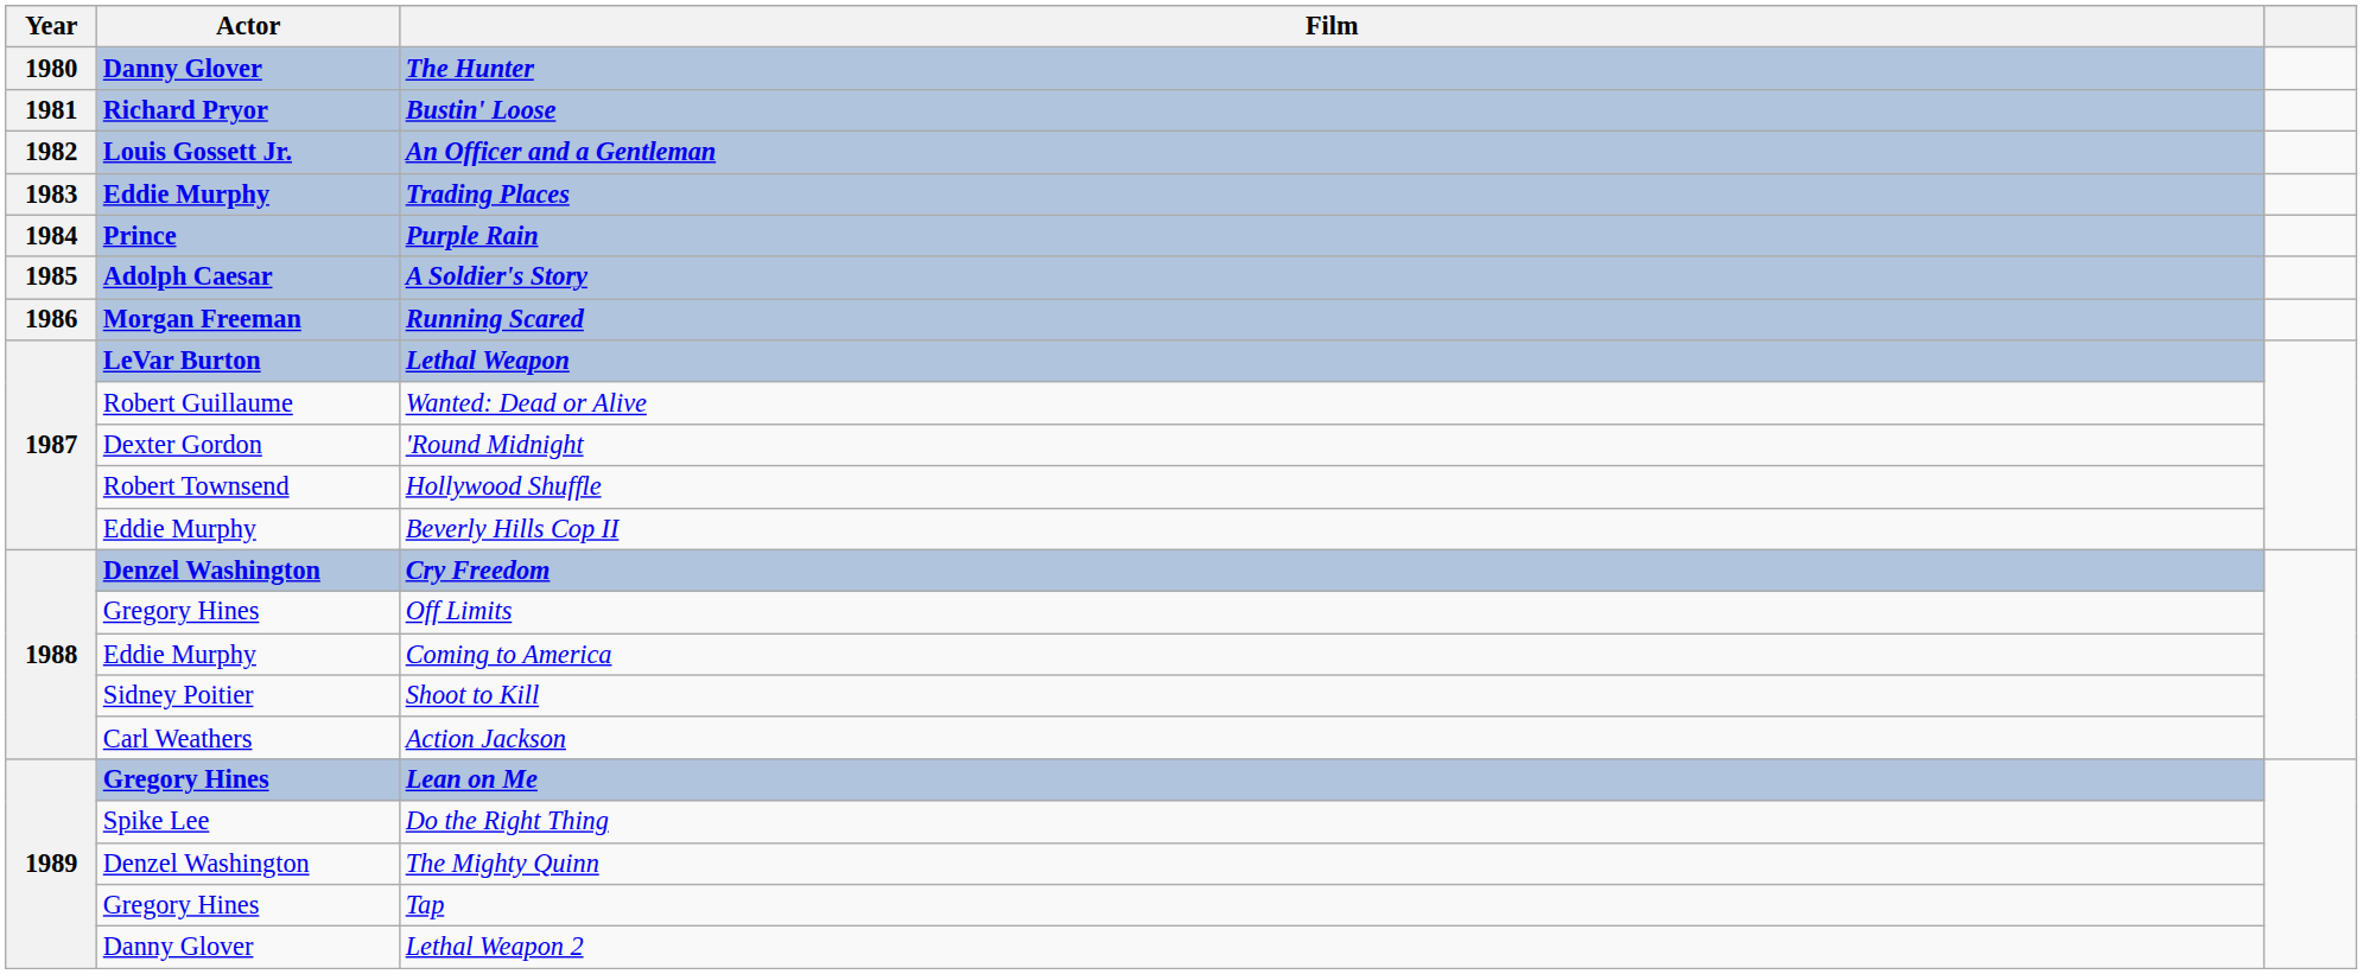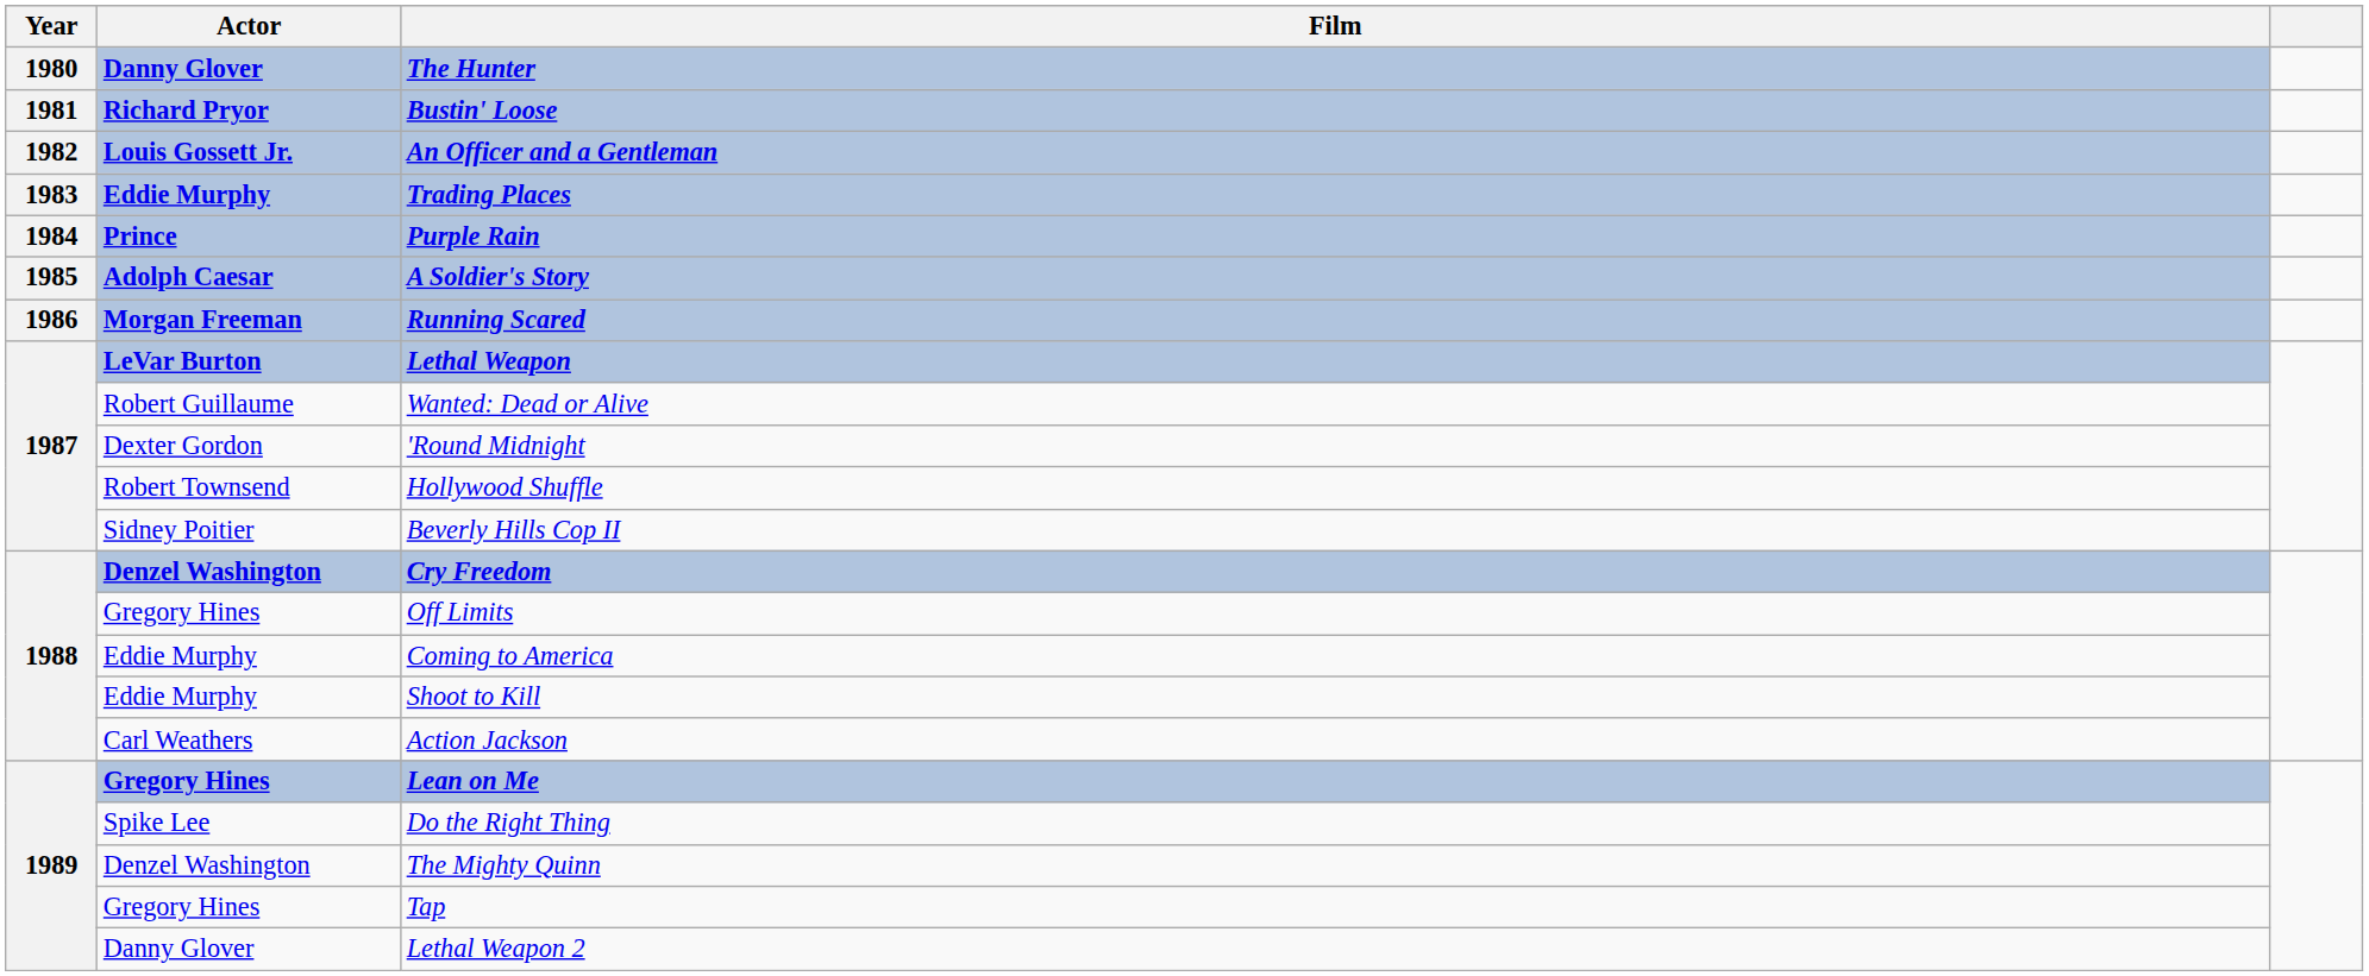 <table class="wikitable" style="width:90%;">
 <tr style="background:#bebebe;">
 <th scope="col" style="width:3em;">Year</th>
 <th scope="col" style="width:11em;">Actor</th>
 <th scope="col">Film</th>
 <th scope="col" style="width:3em;"></th>
 </tr>
 <tr>
 <th scope="row">1980</th>
 <td style="background:#B0C4DE; font-weight:bold;"><a href='#'>Danny Glover</a></td>
 <td style="background:#B0C4DE; font-weight:bold;"><em><a href='#'>The Hunter</a></em></td>
 <td style="text-align:center;"></td>
 </tr>
 <tr>
 <th scope="row">1981</th>
 <td style="background:#B0C4DE; font-weight:bold;"><a href='#'>Richard Pryor</a></td>
 <td style="background:#B0C4DE; font-weight:bold;"><em><a href='#'>Bustin' Loose</a></em></td>
 <td style="text-align:center;"></td>
 </tr>
 <tr>
 <th scope="row">1982</th>
 <td style="background:#B0C4DE; font-weight:bold;"><a href='#'>Louis Gossett Jr.</a></td>
 <td style="background:#B0C4DE; font-weight:bold;"><em><a href='#'>An Officer and a Gentleman</a></em></td>
 <td style="text-align:center;"></td>
 </tr>
 <tr>
 <th scope="row">1983</th>
 <td style="background:#B0C4DE; font-weight:bold;"><a href='#'>Eddie Murphy</a></td>
 <td style="background:#B0C4DE; font-weight:bold;"><em><a href='#'>Trading Places</a></em></td>
 <td style="text-align:center;"></td>
 </tr>
 <tr>
 <th scope="row">1984</th>
 <td style="background:#B0C4DE; font-weight:bold;"><a href='#'>Prince</a></td>
 <td style="background:#B0C4DE; font-weight:bold;"><em><a href='#'>Purple Rain</a></em></td>
 <td style="text-align:center;"></td>
 </tr>
 <tr>
 <th scope="row">1985</th>
 <td style="background:#B0C4DE; font-weight:bold;"><a href='#'>Adolph Caesar</a></td>
 <td style="background:#B0C4DE; font-weight:bold;"><em><a href='#'>A Soldier's Story</a></em></td>
 <td style="text-align:center;"></td>
 </tr>
 <tr>
 <th scope="row">1986</th>
 <td style="background:#B0C4DE; font-weight:bold;"><a href='#'>Morgan Freeman</a></td>
 <td style="background:#B0C4DE; font-weight:bold;"><em><a href='#'>Running Scared</a></em></td>
 <td style="text-align:center;"></td>
 </tr>
 <tr>
 <th scope="row" rowspan="5" style="text-align:center;">1987</th>
 <td style="background:#B0C4DE; font-weight:bold;"><a href='#'>LeVar Burton</a></td>
 <td style="background:#B0C4DE; font-weight:bold;"><em><a href='#'>Lethal Weapon</a></em></td>
 <td rowspan="5" style="text-align:center;"></td>
 </tr>
 <tr>
 <td><a href='#'>Robert Guillaume</a></td>
 <td><em><a href='#'>Wanted: Dead or Alive</a></em></td>
 </tr>
 <tr>
 <td><a href='#'>Dexter Gordon</a></td>
 <td><em><a href='#'>'Round Midnight</a></em></td>
 </tr>
 <tr>
 <td><a href='#'>Robert Townsend</a></td>
 <td><em><a href='#'>Hollywood Shuffle</a></em></td>
 </tr>
 <tr>
-<td><a href='#'>Eddie Murphy</a></td>
+<td><a href='#'>Sidney Poitier</a></td>
 <td><em><a href='#'>Beverly Hills Cop II</a></em></td>
 </tr>
 <tr>
 <th scope="row" rowspan="5" style="text-align:center;">1988</th>
 <td style="background:#B0C4DE; font-weight:bold;"><a href='#'>Denzel Washington</a></td>
 <td style="background:#B0C4DE; font-weight:bold;"><em><a href='#'>Cry Freedom</a></em></td>
 <td rowspan="5" style="text-align:center;"></td>
 </tr>
 <tr>
 <td><a href='#'>Gregory Hines</a></td>
 <td><em><a href='#'>Off Limits</a></em></td>
 </tr>
 <tr>
 <td><a href='#'>Eddie Murphy</a></td>
 <td><em><a href='#'>Coming to America</a></em></td>
 </tr>
 <tr>
-<td><a href='#'>Sidney Poitier</a></td>
+<td><a href='#'>Eddie Murphy</a></td>
 <td><em><a href='#'>Shoot to Kill</a></em></td>
 </tr>
 <tr>
 <td><a href='#'>Carl Weathers</a></td>
 <td><em><a href='#'>Action Jackson</a></em></td>
 </tr>
 <tr>
 <th scope="row" rowspan="5" style="text-align:center;">1989</th>
 <td style="background:#B0C4DE; font-weight:bold;"><a href='#'>Gregory Hines</a></td>
 <td style="background:#B0C4DE; font-weight:bold;"><em><a href='#'>Lean on Me</a></em></td>
 <td rowspan="5" style="text-align:center;"></td>
 </tr>
 <tr>
 <td><a href='#'>Spike Lee</a></td>
 <td><em><a href='#'>Do the Right Thing</a></em></td>
 </tr>
 <tr>
 <td><a href='#'>Denzel Washington</a></td>
 <td><em><a href='#'>The Mighty Quinn</a></em></td>
 </tr>
 <tr>
 <td><a href='#'>Gregory Hines</a></td>
 <td><em><a href='#'>Tap</a></em></td>
 </tr>
 <tr>
 <td><a href='#'>Danny Glover</a></td>
 <td><em><a href='#'>Lethal Weapon 2</a></em></td>
 </tr>
 </table>
